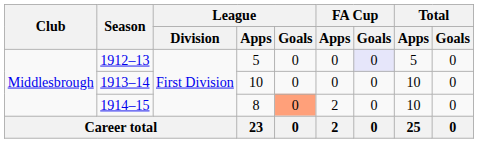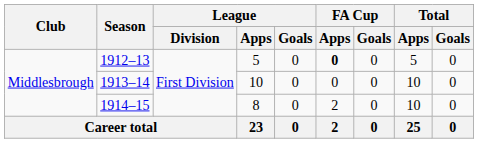 <table class="wikitable" style="text-align: center;">
 <tr>
 <th rowspan="2">Club</th>
 <th rowspan="2">Season</th>
 <th colspan="3">League</th>
 <th colspan="2">FA Cup</th>
 <th colspan="2">Total</th>
 </tr>
 <tr>
 <th>Division</th>
 <th>Apps</th>
 <th>Goals</th>
 <th>Apps</th>
 <th>Goals</th>
 <th>Apps</th>
 <th>Goals</th>
 </tr>
 <tr>
 <td rowspan="3"><a href='#'>Middlesbrough</a></td>
 <td><a href='#'>1912–13</a></td>
 <td rowspan="3"><a href='#'>First Division</a></td>
 <td>5</td>
 <td>0</td>
+<td><strong>0</strong></td>
 <td>0</td>
-<td style="background: lavender;">0</td>
 <td>5</td>
 <td>0</td>
 </tr>
 <tr>
 <td><a href='#'>1913–14</a></td>
 <td>10</td>
 <td>0</td>
 <td>0</td>
 <td>0</td>
 <td>10</td>
 <td>0</td>
 </tr>
 <tr>
 <td><a href='#'>1914–15</a></td>
 <td>8</td>
-<td style="background: lightsalmon;">0</td>
+<td>0</td>
 <td>2</td>
 <td>0</td>
 <td>10</td>
 <td>0</td>
 </tr>
 <tr>
 <th colspan="3">Career total</th>
 <th>23</th>
 <th>0</th>
 <th>2</th>
 <th>0</th>
 <th>25</th>
 <th>0</th>
 </tr>
 </table>
